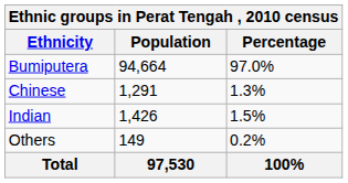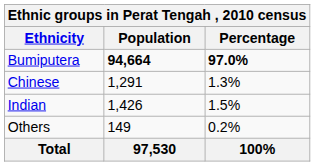 <table class="wikitable">
 <tr>
 <th style="text-align:center;" colspan="3">Ethnic groups in Perat Tengah , 2010 census</th>
 </tr>
 <tr>
 <th><a href='#'>Ethnicity</a></th>
 <th>Population</th>
 <th>Percentage</th>
 </tr>
 <tr>
 <td><a href='#'>Bumiputera</a></td>
-<td>94,664</td>
-<td>97.0%</td>
+<td><strong>94,664</strong></td>
+<td><strong>97.0%</strong></td>
 </tr>
 <tr>
 <td><a href='#'>Chinese</a></td>
 <td>1,291</td>
 <td>1.3%</td>
 </tr>
 <tr>
 <td><a href='#'>Indian</a></td>
 <td>1,426</td>
 <td>1.5%</td>
 </tr>
 <tr>
 <td>Others</td>
 <td>149</td>
 <td>0.2%</td>
 </tr>
 <tr>
 <th>Total</th>
 <th>97,530</th>
 <th>100%</th>
 </tr>
 </table>
